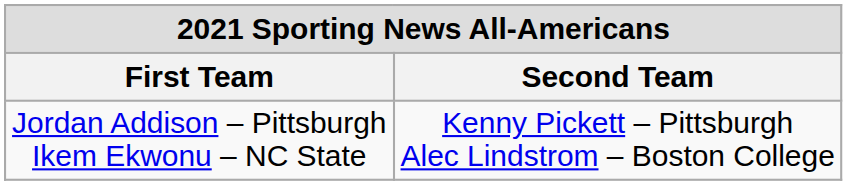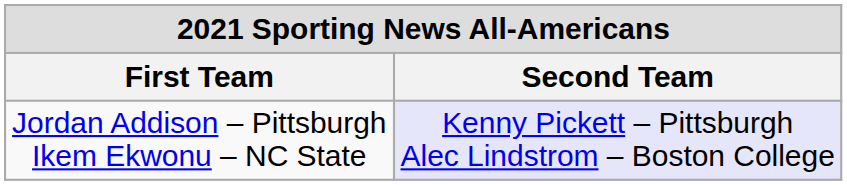 <table class="wikitable" style="white-space:nowrap; text-align:center; font-size:90%;">
 <tr>
 <td colspan="7" style="text-align:center; background:#ddd;"><strong>2021 Sporting News All-Americans</strong></td>
 </tr>
 <tr>
 <th>First Team</th>
 <th>Second Team</th>
 </tr>
 <tr>
 <td><a href='#'>Jordan Addison</a> – Pittsburgh<br><a href='#'>Ikem Ekwonu</a> – NC State</td>
-<td><a href='#'>Kenny Pickett</a> – Pittsburgh<br><a href='#'>Alec Lindstrom</a> – Boston College</td>
+<td style="background: lavender;"><a href='#'>Kenny Pickett</a> – Pittsburgh<br><a href='#'>Alec Lindstrom</a> – Boston College</td>
 </tr>
 </table>
